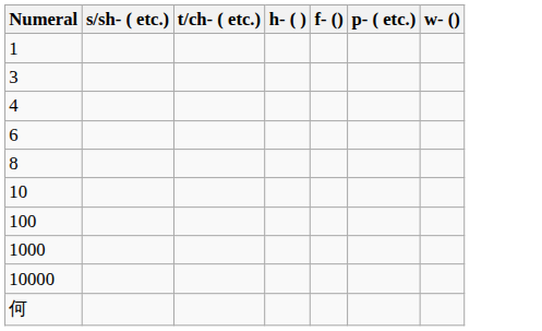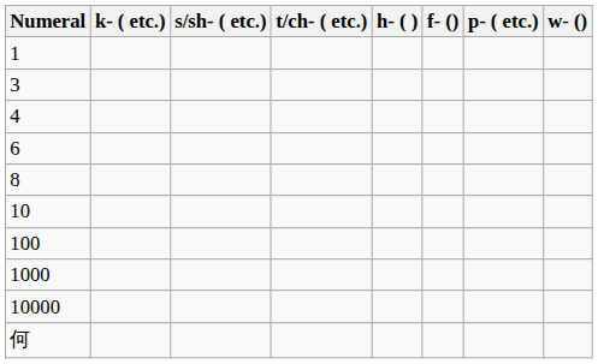 <table class="wikitable">
 <tr>
 <th>Numeral</th>
+<th>k- (  etc.)</th>
 <th>s/sh- (  etc.)</th>
 <th>t/ch- (  etc.)</th>
 <th>h- (      )</th>
 <th>f- ()</th>
 <th>p- ( etc.)</th>
 <th>w- ()</th>
 </tr>
 <tr>
 <td>1 </td>
 <td> </td>
 <td> </td>
 <td> </td>
 <td> </td>
 <td> </td>
+<td> </td>
 <td></td>
 </tr>
 <tr>
 <td>3 </td>
+<td></td>
 <td></td>
 <td></td>
 <td> </td>
 <td> </td>
 <td></td>
 <td> </td>
 </tr>
 <tr>
 <td>4 </td>
 <td></td>
 <td></td>
+<td></td>
 <td> <br> </td>
 <td> <br> </td>
 <td></td>
 <td> <br>   </td>
 </tr>
 <tr>
 <td>6 </td>
+<td> </td>
 <td></td>
 <td></td>
 <td> </td>
 <td> </td>
 <td> </td>
 <td> <br> </td>
 </tr>
 <tr>
 <td>8 </td>
 <td> </td>
 <td> </td>
 <td> </td>
 <td> </td>
 <td> </td>
+<td> </td>
 <td> <br> </td>
 </tr>
 <tr>
 <td>10 </td>
 <td> <br> </td>
 <td> <br> </td>
 <td> <br> </td>
 <td> <br> </td>
 <td> <br> </td>
+<td> <br> </td>
 <td> </td>
 </tr>
 <tr>
 <td>100 </td>
+<td> </td>
 <td></td>
 <td></td>
 <td> </td>
 <td> </td>
 <td> </td>
 <td></td>
 </tr>
 <tr>
 <td>1000 </td>
 <td></td>
 <td></td>
+<td></td>
 <td> </td>
 <td> </td>
 <td></td>
 <td></td>
 </tr>
 <tr>
 <td>10000 </td>
+<td></td>
 <td></td>
 <td></td>
 <td> </td>
 <td> </td>
 <td></td>
 <td></td>
 </tr>
 <tr>
 <td>何 </td>
 <td></td>
 <td></td>
+<td></td>
 <td> </td>
 <td> </td>
 <td></td>
 <td></td>
 </tr>
 </table>
